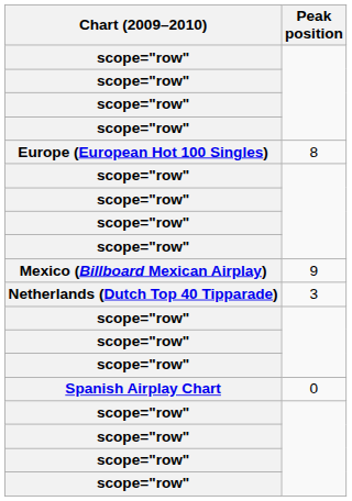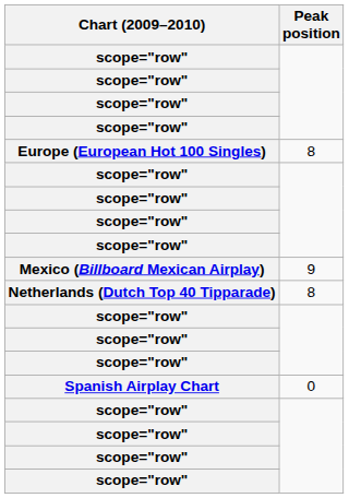 <table class="wikitable plainrowheaders sortable" style="text-align:center">
 <tr>
 <th scope="col">Chart (2009–2010)</th>
 <th scope="col">Peak<br>position</th>
 </tr>
 <tr>
 <th>scope="row"</th>
 </tr>
 <tr>
 <th>scope="row"</th>
 </tr>
 <tr>
 <th>scope="row"</th>
 </tr>
 <tr>
 <th>scope="row"</th>
 </tr>
 <tr>
 <th scope="row">Europe (<a href='#'>European Hot 100 Singles</a>)</th>
 <td>8</td>
 </tr>
 <tr>
 <th>scope="row"</th>
 </tr>
 <tr>
 <th>scope="row"</th>
 </tr>
 <tr>
 <th>scope="row"</th>
 </tr>
 <tr>
 <th>scope="row"</th>
 </tr>
 <tr>
 <th scope="row">Mexico (<a href='#'><em>Billboard</em> Mexican Airplay</a>)</th>
 <td>9</td>
 </tr>
 <tr>
 <th scope="row">Netherlands (<a href='#'>Dutch Top 40 Tipparade</a>)</th>
-<td>3</td>
+<td>8</td>
 </tr>
 <tr>
 <th>scope="row"</th>
 </tr>
 <tr>
 <th>scope="row"</th>
 </tr>
 <tr>
 <th>scope="row"</th>
 </tr>
 <tr>
 <th scope="row"><a href='#'>Spanish Airplay Chart</a></th>
 <td>0</td>
 </tr>
 <tr>
 <th>scope="row"</th>
 </tr>
 <tr>
 <th>scope="row"</th>
 </tr>
 <tr>
 <th>scope="row"</th>
 </tr>
 <tr>
 <th>scope="row"</th>
 </tr>
 </table>
